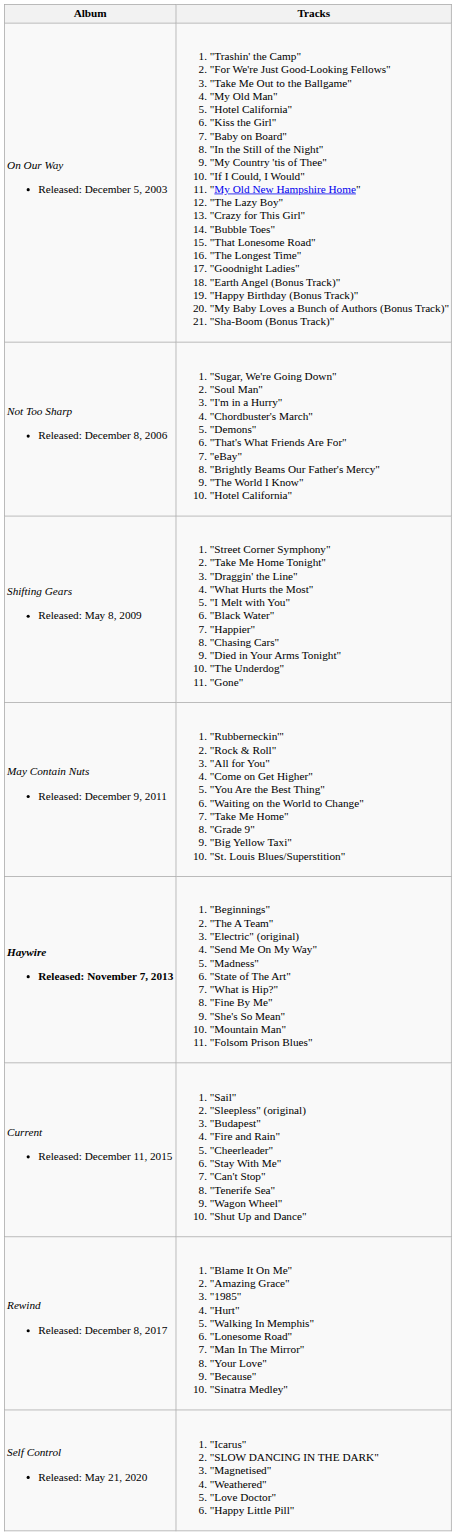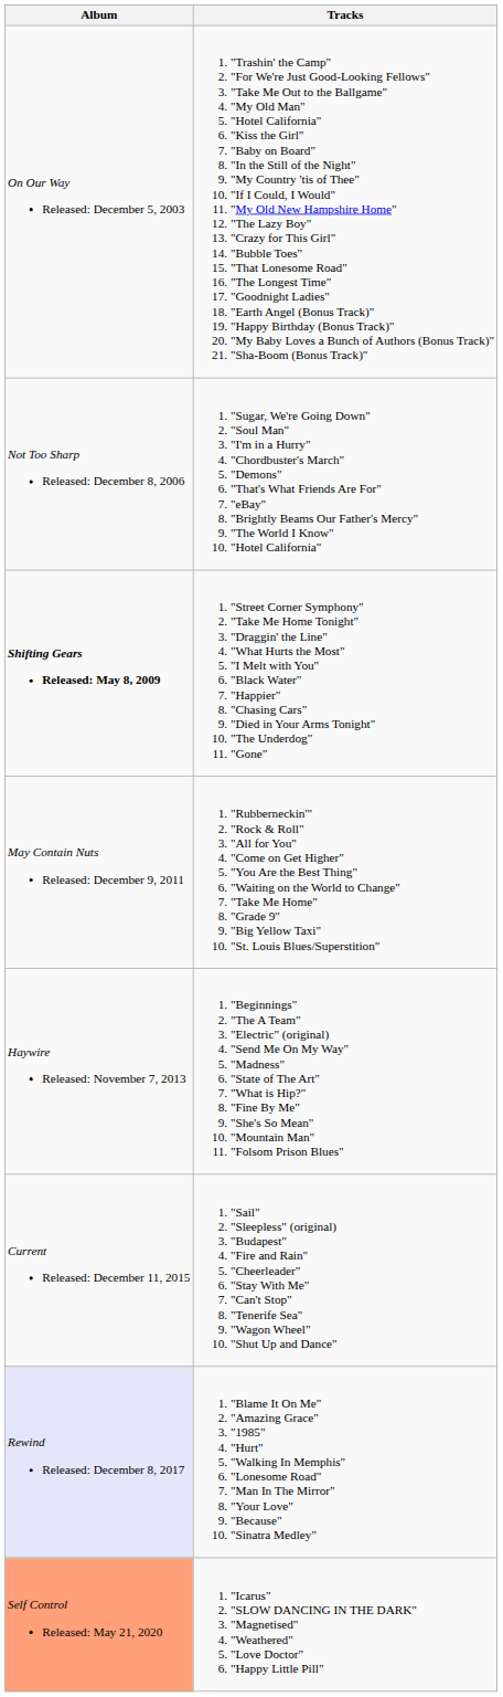 <table class="wikitable" style="font-size: 90%;">
 <tr>
 <th>Album</th>
 <th>Tracks</th>
 </tr>
 <tr>
 <td><em>On Our Way</em><br><ul><li>Released: December 5, 2003</li></ul></td>
 <td><br><ol><li>"Trashin' the Camp"</li><li>"For We're Just Good-Looking Fellows"</li><li>"Take Me Out to the Ballgame"</li><li>"My Old Man"</li><li>"Hotel California"</li><li>"Kiss the Girl"</li><li>"Baby on Board"</li><li>"In the Still of the Night"</li><li>"My Country 'tis of Thee"</li><li>"If I Could, I Would"</li><li>"<a href='#'>My Old New Hampshire Home</a>"</li><li>"The Lazy Boy"</li><li>"Crazy for This Girl"</li><li>"Bubble Toes"</li><li>"That Lonesome Road"</li><li>"The Longest Time"</li><li>"Goodnight Ladies"</li><li>"Earth Angel (Bonus Track)"</li><li>"Happy Birthday (Bonus Track)"</li><li>"My Baby Loves a Bunch of Authors (Bonus Track)"</li><li>"Sha-Boom (Bonus Track)"</li></ol></td>
 </tr>
 <tr>
 <td><em>Not Too Sharp</em><br><ul><li>Released: December 8, 2006</li></ul></td>
 <td><br><ol><li>"Sugar, We're Going Down"</li><li>"Soul Man"</li><li>"I'm in a Hurry"</li><li>"Chordbuster's March"</li><li>"Demons"</li><li>"That's What Friends Are For"</li><li>"eBay"</li><li>"Brightly Beams Our Father's Mercy"</li><li>"The World I Know"</li><li>"Hotel California"</li></ol></td>
 </tr>
 <tr>
-<td><em>Shifting Gears</em><br><ul><li>Released: May 8, 2009</li></ul></td>
+<td><strong><em>Shifting Gears</em><br><ul><li>Released: May 8, 2009</li></ul></strong></td>
 <td><br><ol><li>"Street Corner Symphony"</li><li>"Take Me Home Tonight"</li><li>"Draggin' the Line"</li><li>"What Hurts the Most"</li><li>"I Melt with You"</li><li>"Black Water"</li><li>"Happier"</li><li>"Chasing Cars"</li><li>"Died in Your Arms Tonight"</li><li>"The Underdog"</li><li>"Gone"</li></ol></td>
 </tr>
 <tr>
 <td><em>May Contain Nuts</em><br><ul><li>Released: December 9, 2011</li></ul></td>
 <td><br><ol><li>"Rubberneckin'"</li><li>"Rock & Roll"</li><li>"All for You"</li><li>"Come on Get Higher"</li><li>"You Are the Best Thing"</li><li>"Waiting on the World to Change"</li><li>"Take Me Home"</li><li>"Grade 9"</li><li>"Big Yellow Taxi"</li><li>"St. Louis Blues/Superstition"</li></ol></td>
 </tr>
 <tr>
-<td><strong><em>Haywire</em><br><ul><li>Released: November 7, 2013</li></ul></strong></td>
+<td><em>Haywire</em><br><ul><li>Released: November 7, 2013</li></ul></td>
 <td><br><ol><li>"Beginnings"</li><li>"The A Team"</li><li>"Electric" (original)</li><li>"Send Me On My Way"</li><li>"Madness"</li><li>"State of The Art"</li><li>"What is Hip?"</li><li>"Fine By Me"</li><li>"She's So Mean"</li><li>"Mountain Man"</li><li>"Folsom Prison Blues"</li></ol></td>
 </tr>
 <tr>
 <td><em>Current</em><br><ul><li>Released: December 11, 2015</li></ul></td>
 <td><br><ol><li>"Sail"</li><li>"Sleepless" (original)</li><li>"Budapest"</li><li>"Fire and Rain"</li><li>"Cheerleader"</li><li>"Stay With Me"</li><li>"Can't Stop"</li><li>"Tenerife Sea"</li><li>"Wagon Wheel"</li><li>"Shut Up and Dance"</li></ol></td>
 </tr>
 <tr>
-<td><em>Rewind</em><br><ul><li>Released: December 8, 2017</li></ul></td>
+<td style="background: lavender;"><em>Rewind</em><br><ul><li>Released: December 8, 2017</li></ul></td>
 <td><br><ol><li>"Blame It On Me"</li><li>"Amazing Grace"</li><li>"1985"</li><li>"Hurt"</li><li>"Walking In Memphis"</li><li>"Lonesome Road"</li><li>"Man In The Mirror"</li><li>"Your Love"</li><li>"Because"</li><li>"Sinatra Medley"</li></ol></td>
 </tr>
 <tr>
-<td><em>Self Control</em><br><ul><li>Released: May 21, 2020</li></ul></td>
+<td style="background: lightsalmon;"><em>Self Control</em><br><ul><li>Released: May 21, 2020</li></ul></td>
 <td><br><ol><li>"Icarus"</li><li>"SLOW DANCING IN THE DARK"</li><li>"Magnetised"</li><li>"Weathered"</li><li>"Love Doctor"</li><li>"Happy Little Pill"</li></ol></td>
 </tr>
 </table>
